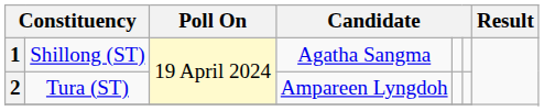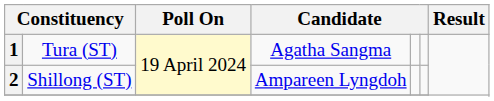 <table class="wikitable" style="text-align:center;">
 <tr>
 <th colspan="2">Constituency</th>
 <th>Poll On</th>
 <th colspan="3">Candidate</th>
 <th>Result</th>
 </tr>
 <tr>
 <th>1</th>
-<td><a href='#'>Shillong (ST)</a></td>
+<td><a href='#'>Tura (ST)</a></td>
 <td rowspan="2" bgcolor=#FFFACD>19 April 2024</td>
 <td><a href='#'>Agatha Sangma</a></td>
 <td></td>
 <td></td>
 </tr>
 <tr>
 <th>2</th>
-<td><a href='#'>Tura (ST)</a></td>
+<td><a href='#'>Shillong (ST)</a></td>
 <td><a href='#'>Ampareen Lyngdoh</a></td>
 <td></td>
 <td></td>
 </tr>
 <tr>
 </tr>
 </table>
